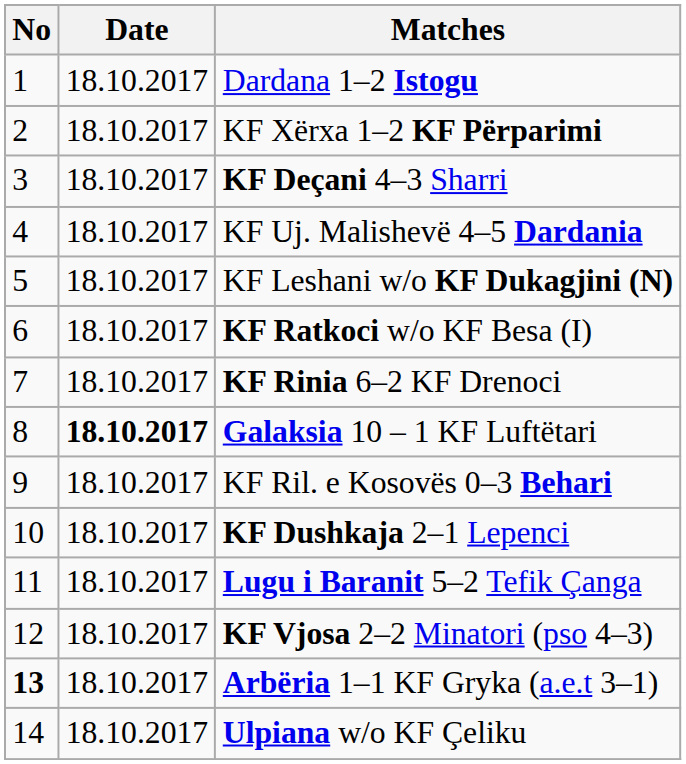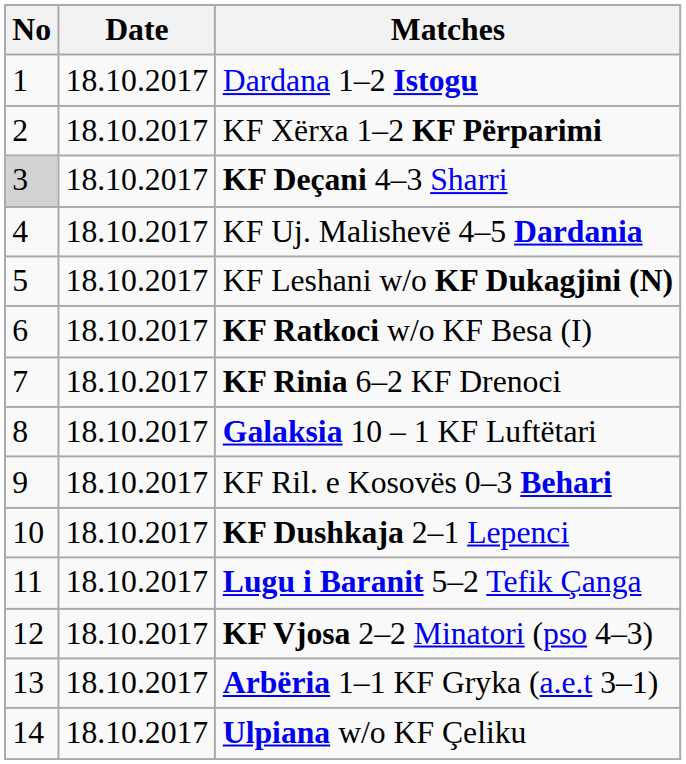 <table class="wikitable">
 <tr>
 <th>No</th>
 <th>Date</th>
 <th>Matches</th>
 </tr>
 <tr>
 <td>1</td>
 <td>18.10.2017</td>
 <td><a href='#'>Dardana</a> 1–2 <strong><a href='#'>Istogu</a></strong></td>
 </tr>
 <tr>
 <td>2</td>
 <td>18.10.2017</td>
 <td>KF Xërxa 1–2 <strong>KF Përparimi</strong></td>
 </tr>
 <tr>
-<td>3</td>
+<td style="background: lightgrey;">3</td>
 <td>18.10.2017</td>
 <td><strong>KF Deçani</strong> 4–3 <a href='#'>Sharri</a></td>
 </tr>
 <tr>
 <td>4</td>
 <td>18.10.2017</td>
 <td>KF Uj. Malishevë 4–5 <strong><a href='#'>Dardania</a></strong></td>
 </tr>
 <tr>
 <td>5</td>
 <td>18.10.2017</td>
 <td>KF Leshani w/o <strong>KF Dukagjini (N)</strong></td>
 </tr>
 <tr>
 <td>6</td>
 <td>18.10.2017</td>
 <td><strong>KF Ratkoci</strong> w/o KF Besa (I)</td>
 </tr>
 <tr>
 <td>7</td>
 <td>18.10.2017</td>
 <td><strong>KF Rinia</strong> 6–2 KF Drenoci</td>
 </tr>
 <tr>
 <td>8</td>
-<td><strong>18.10.2017</strong></td>
+<td>18.10.2017</td>
 <td><strong><a href='#'>Galaksia</a></strong> 10 – 1 KF Luftëtari</td>
 </tr>
 <tr>
 <td>9</td>
 <td>18.10.2017</td>
 <td>KF Ril. e Kosovës 0–3 <strong><a href='#'>Behari</a></strong></td>
 </tr>
 <tr>
 <td>10</td>
 <td>18.10.2017</td>
 <td><strong>KF Dushkaja</strong> 2–1 <a href='#'>Lepenci</a></td>
 </tr>
 <tr>
 <td>11</td>
 <td>18.10.2017</td>
 <td><strong><a href='#'>Lugu i Baranit</a></strong> 5–2 <a href='#'>Tefik Çanga</a></td>
 </tr>
 <tr>
 <td>12</td>
 <td>18.10.2017</td>
 <td><strong>KF Vjosa</strong> 2–2  <a href='#'>Minatori</a> (<a href='#'>pso</a> 4–3)</td>
 </tr>
 <tr>
-<td><strong>13</strong></td>
+<td>13</td>
 <td>18.10.2017</td>
 <td><strong><a href='#'>Arbëria</a></strong> 1–1  KF Gryka (<a href='#'>a.e.t</a> 3–1)</td>
 </tr>
 <tr>
 <td>14</td>
 <td>18.10.2017</td>
 <td><strong><a href='#'>Ulpiana</a></strong> w/o KF Çeliku</td>
 </tr>
 <tr>
 </tr>
 </table>
